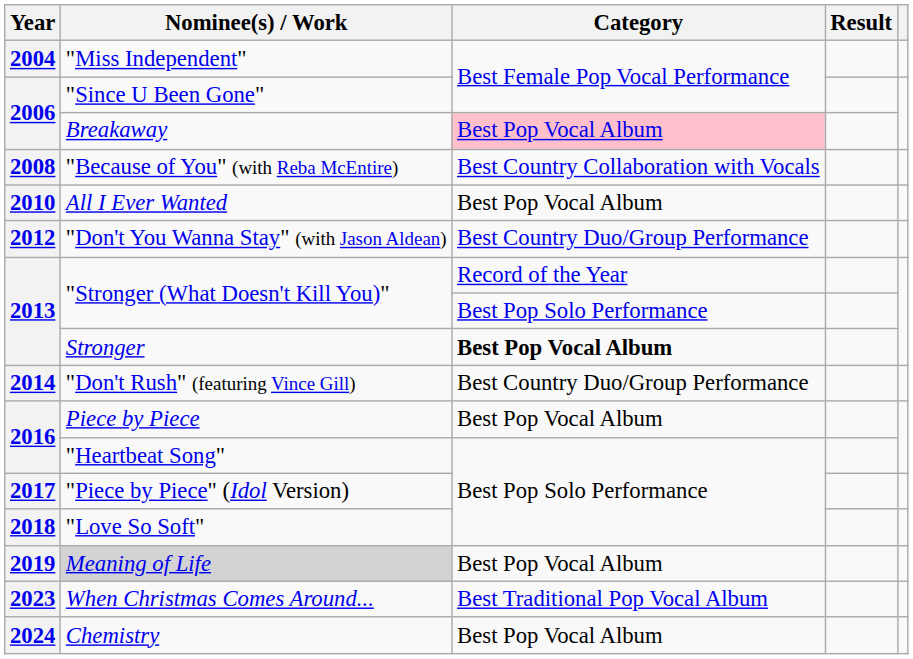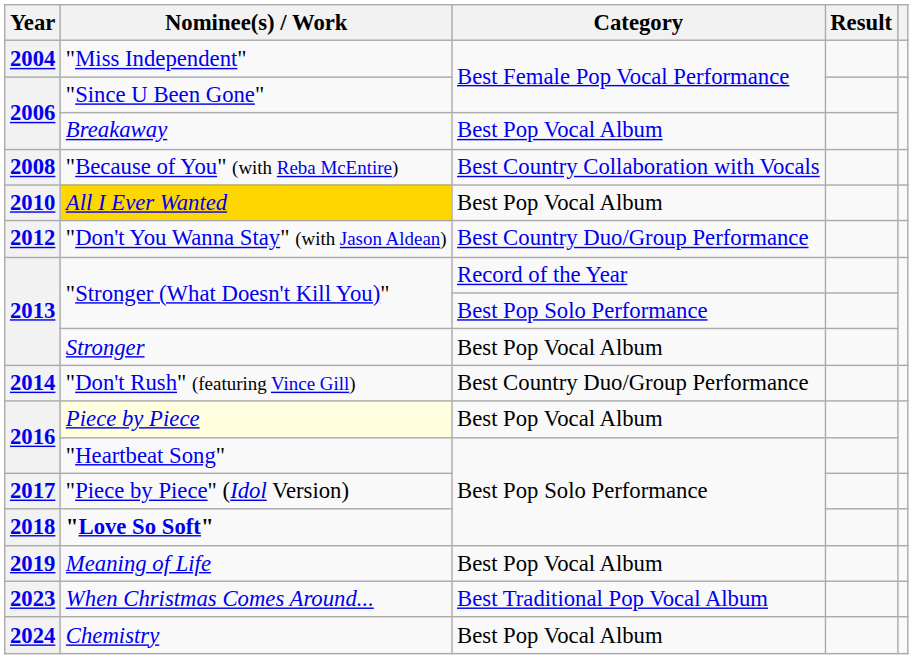 <table class="wikitable plainrowheaders">
 <tr>
 <th>Year</th>
 <th>Nominee(s) / Work</th>
 <th>Category</th>
 <th>Result</th>
 <th></th>
 </tr>
 <tr>
 <th scope="row"><a href='#'>2004</a></th>
 <td>"<a href='#'>Miss Independent</a>"</td>
 <td rowspan="2"><a href='#'>Best Female Pop Vocal Performance</a></td>
 <td></td>
 <td align="center"></td>
 </tr>
 <tr>
 <th scope="row" rowspan="2"><a href='#'>2006</a></th>
 <td>"<a href='#'>Since U Been Gone</a>"</td>
 <td></td>
 <td align="center" rowspan="2"></td>
 </tr>
 <tr>
 <td><em><a href='#'>Breakaway</a></em></td>
-<td style="background: pink;"><a href='#'>Best Pop Vocal Album</a></td>
+<td><a href='#'>Best Pop Vocal Album</a></td>
 <td></td>
 </tr>
 <tr>
 <th scope="row"><a href='#'>2008</a></th>
 <td>"<a href='#'>Because of You</a>" <small>(with <a href='#'>Reba McEntire</a>)</small></td>
 <td><a href='#'>Best Country Collaboration with Vocals</a></td>
 <td></td>
 <td align="center"></td>
 </tr>
 <tr>
 <th scope="row"><a href='#'>2010</a></th>
-<td><em><a href='#'>All I Ever Wanted</a></em></td>
+<td style="background: gold;"><em><a href='#'>All I Ever Wanted</a></em></td>
 <td>Best Pop Vocal Album</td>
 <td></td>
 <td align="center"></td>
 </tr>
 <tr>
 <th scope="row"><a href='#'>2012</a></th>
 <td>"<a href='#'>Don't You Wanna Stay</a>" <small>(with <a href='#'>Jason Aldean</a>)</small></td>
 <td><a href='#'>Best Country Duo/Group Performance</a></td>
 <td></td>
 <td align="center"></td>
 </tr>
 <tr>
 <th scope="row" rowspan="3"><a href='#'>2013</a></th>
 <td rowspan="2">"<a href='#'>Stronger (What Doesn't Kill You)</a>"</td>
 <td><a href='#'>Record of the Year</a></td>
 <td></td>
 <td align="center" rowspan="3"><br></td>
 </tr>
 <tr>
 <td><a href='#'>Best Pop Solo Performance</a></td>
 <td></td>
 </tr>
 <tr>
 <td><em><a href='#'>Stronger</a></em></td>
-<td><strong>Best Pop Vocal Album</strong></td>
+<td>Best Pop Vocal Album</td>
 <td></td>
 </tr>
 <tr>
 <th scope="row"><a href='#'>2014</a></th>
 <td>"<a href='#'>Don't Rush</a>" <small>(featuring <a href='#'>Vince Gill</a>)</small></td>
 <td>Best Country Duo/Group Performance</td>
 <td></td>
 <td align="center"></td>
 </tr>
 <tr>
 <th scope="row" rowspan="2"><a href='#'>2016</a></th>
-<td><em><a href='#'>Piece by Piece</a></em></td>
+<td style="background: lightyellow;"><em><a href='#'>Piece by Piece</a></em></td>
 <td>Best Pop Vocal Album</td>
 <td></td>
 <td align="center" rowspan="2"></td>
 </tr>
 <tr>
 <td>"<a href='#'>Heartbeat Song</a>"</td>
 <td rowspan="3">Best Pop Solo Performance</td>
 <td></td>
 </tr>
 <tr>
 <th scope="row"><a href='#'>2017</a></th>
 <td>"<a href='#'>Piece by Piece</a>" (<em><a href='#'>Idol</a></em> Version)</td>
 <td></td>
 <td align="center"></td>
 </tr>
 <tr>
 <th scope="row"><a href='#'>2018</a></th>
-<td>"<a href='#'>Love So Soft</a>"</td>
+<td><strong>"<a href='#'>Love So Soft</a>"</strong></td>
 <td></td>
 <td style="text-align:center;"></td>
 </tr>
 <tr>
 <th scope="row"><a href='#'>2019</a></th>
-<td style="background: lightgrey;"><em><a href='#'>Meaning of Life</a></em></td>
+<td><em><a href='#'>Meaning of Life</a></em></td>
 <td>Best Pop Vocal Album</td>
 <td></td>
 <td style="text-align:center;"></td>
 </tr>
 <tr>
 <th scope="row"><a href='#'>2023</a></th>
 <td><em><a href='#'>When Christmas Comes Around...</a></em></td>
 <td><a href='#'>Best Traditional Pop Vocal Album</a></td>
 <td></td>
 <td style="text-align:center;"></td>
 </tr>
 <tr>
 <th scope="row"><a href='#'>2024</a></th>
 <td><em><a href='#'>Chemistry</a></em></td>
 <td>Best Pop Vocal Album</td>
 <td></td>
 <td style="text-align:center;"></td>
 </tr>
 </table>
